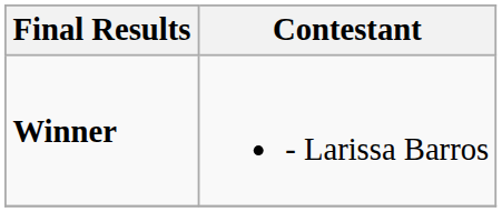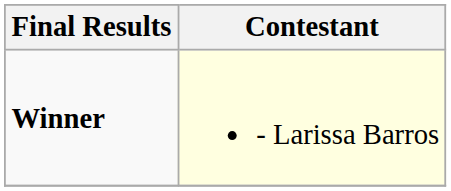 <table class="wikitable">
 <tr>
 <th>Final Results</th>
 <th>Contestant</th>
 </tr>
 <tr>
 <td><strong>Winner</strong></td>
-<td><br><ul><li><strong></strong> - Larissa Barros</li></ul></td>
+<td style="background: lightyellow;"><br><ul><li><strong></strong> - Larissa Barros</li></ul></td>
 </tr>
 <tr>
 </tr>
 </table>
